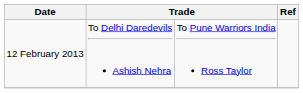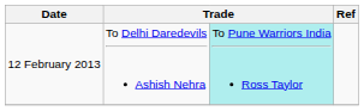 <table class="wikitable" style="text-align:center">
 <tr>
 <th>Date</th>
 <th colspan=2>Trade</th>
 <th>Ref</th>
 </tr>
 <tr>
 <td>12 February 2013</td>
 <td align=left valign=top>To <a href='#'>Delhi Daredevils</a><hr><br><ul><li> <a href='#'>Ashish Nehra</a></li></ul></td>
-<td align=left valign=top>To <a href='#'>Pune Warriors India</a><hr><br><ul><li> <a href='#'>Ross Taylor</a></li></ul></td>
+<td align=left valign=top style="background: paleturquoise;">To <a href='#'>Pune Warriors India</a><hr><br><ul><li> <a href='#'>Ross Taylor</a></li></ul></td>
 <td></td>
 </tr>
 <tr>
 </tr>
 </table>
